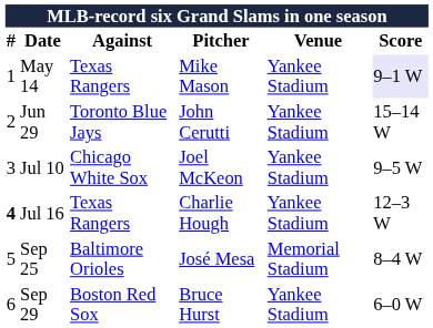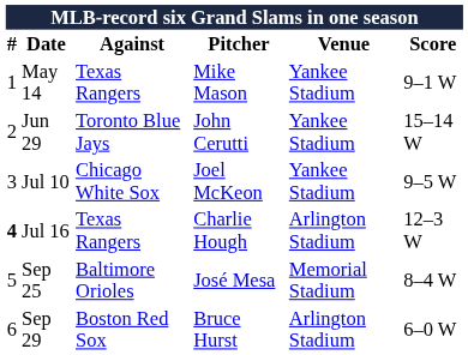 <table class="toccolours collapsible collapsed" style="width:60%; clear:both; margin:1.5em auto; align:left;">
 <tr>
 <th style="background:#1c2841; color:white" colspan=6>MLB-record six Grand Slams in one season </th>
 </tr>
 <tr>
 <th>#</th>
 <th>Date</th>
 <th>Against</th>
 <th>Pitcher</th>
 <th>Venue</th>
 <th>Score</th>
 </tr>
 <tr>
 <td>1</td>
 <td>May 14</td>
 <td><a href='#'>Texas Rangers</a></td>
 <td><a href='#'>Mike Mason</a></td>
 <td><a href='#'>Yankee Stadium</a></td>
-<td style="background: lavender;">9–1 W</td>
+<td>9–1 W</td>
 </tr>
 <tr>
 <td>2</td>
 <td>Jun 29</td>
 <td><a href='#'>Toronto Blue Jays</a></td>
 <td><a href='#'>John Cerutti</a></td>
 <td><a href='#'>Yankee Stadium</a></td>
 <td>15–14 W</td>
 </tr>
 <tr>
 <td>3</td>
 <td>Jul 10</td>
 <td><a href='#'>Chicago White Sox</a></td>
 <td><a href='#'>Joel McKeon</a></td>
 <td><a href='#'>Yankee Stadium</a></td>
 <td>9–5 W</td>
 </tr>
 <tr>
 <td><strong>4</strong></td>
 <td>Jul 16</td>
 <td><a href='#'>Texas Rangers</a></td>
 <td><a href='#'>Charlie Hough</a></td>
-<td><a href='#'>Yankee Stadium</a></td>
+<td><a href='#'>Arlington Stadium</a></td>
 <td>12–3 W</td>
 </tr>
 <tr>
 <td>5</td>
 <td>Sep 25</td>
 <td><a href='#'>Baltimore Orioles</a></td>
 <td><a href='#'>José Mesa</a></td>
 <td><a href='#'>Memorial Stadium</a></td>
 <td>8–4 W</td>
 </tr>
 <tr>
 <td>6</td>
 <td>Sep 29</td>
 <td><a href='#'>Boston Red Sox</a></td>
 <td><a href='#'>Bruce Hurst</a></td>
-<td><a href='#'>Yankee Stadium</a></td>
+<td><a href='#'>Arlington Stadium</a></td>
 <td>6–0 W</td>
 </tr>
 </table>
